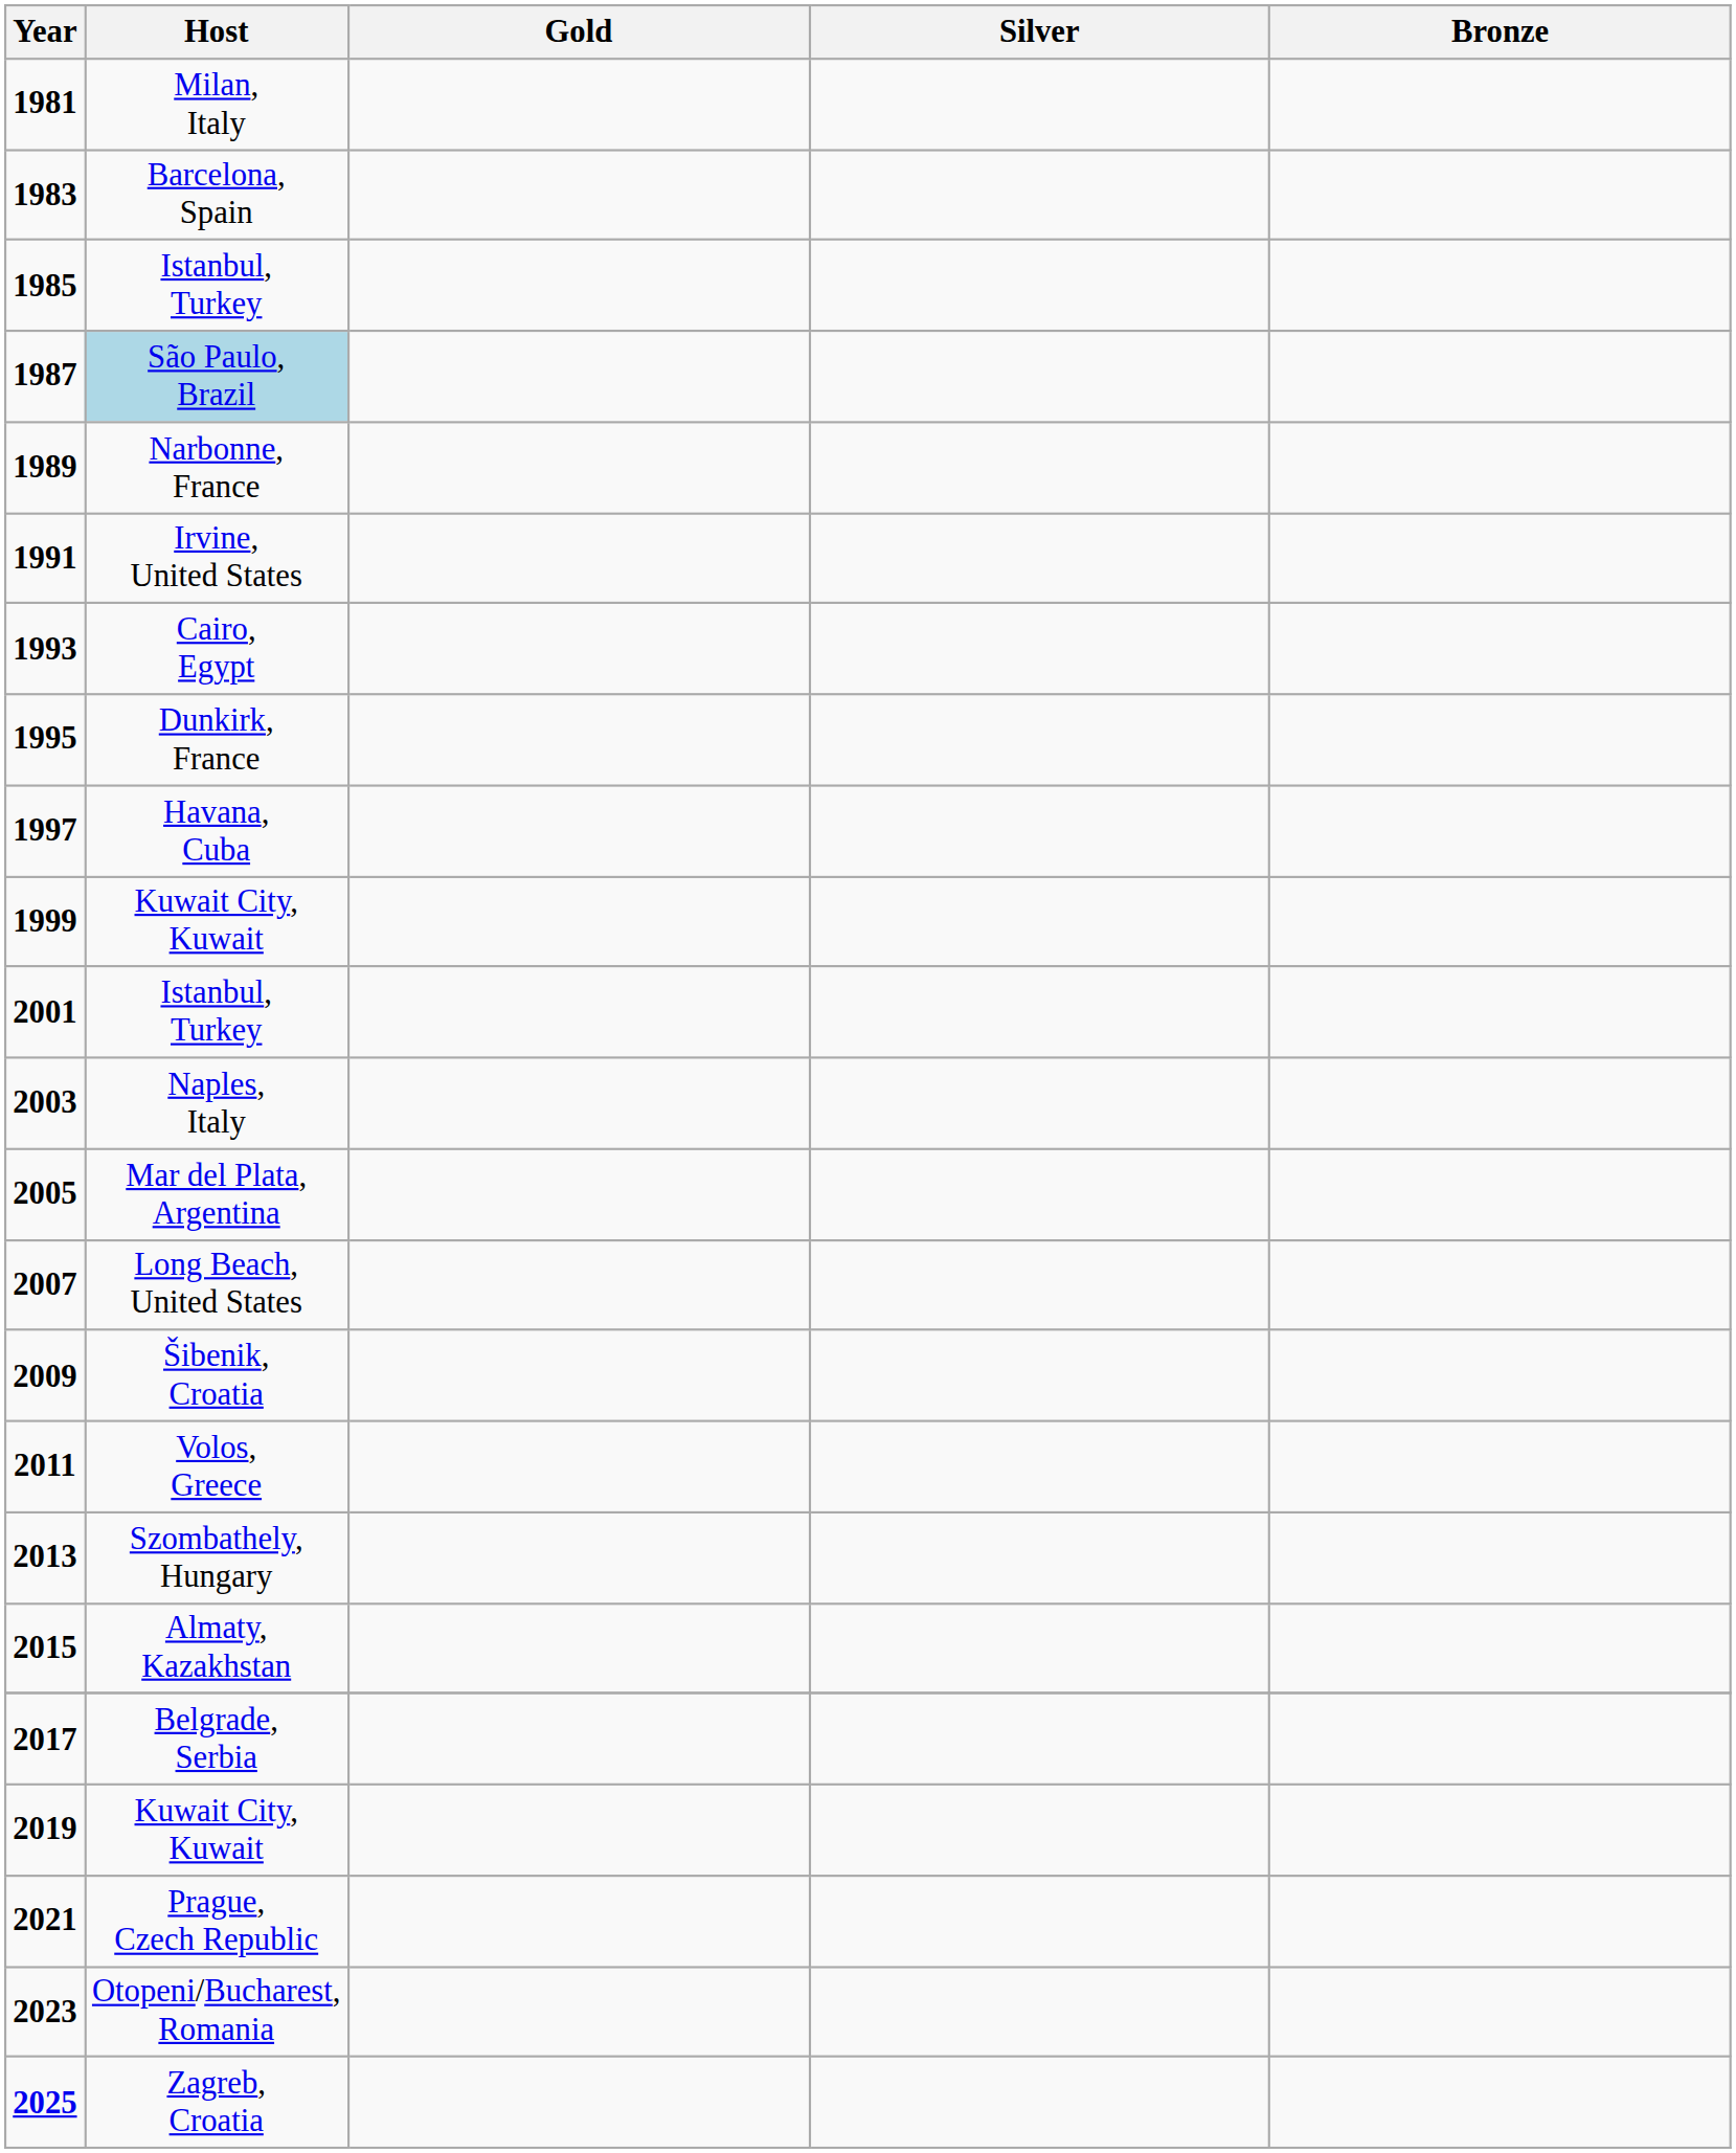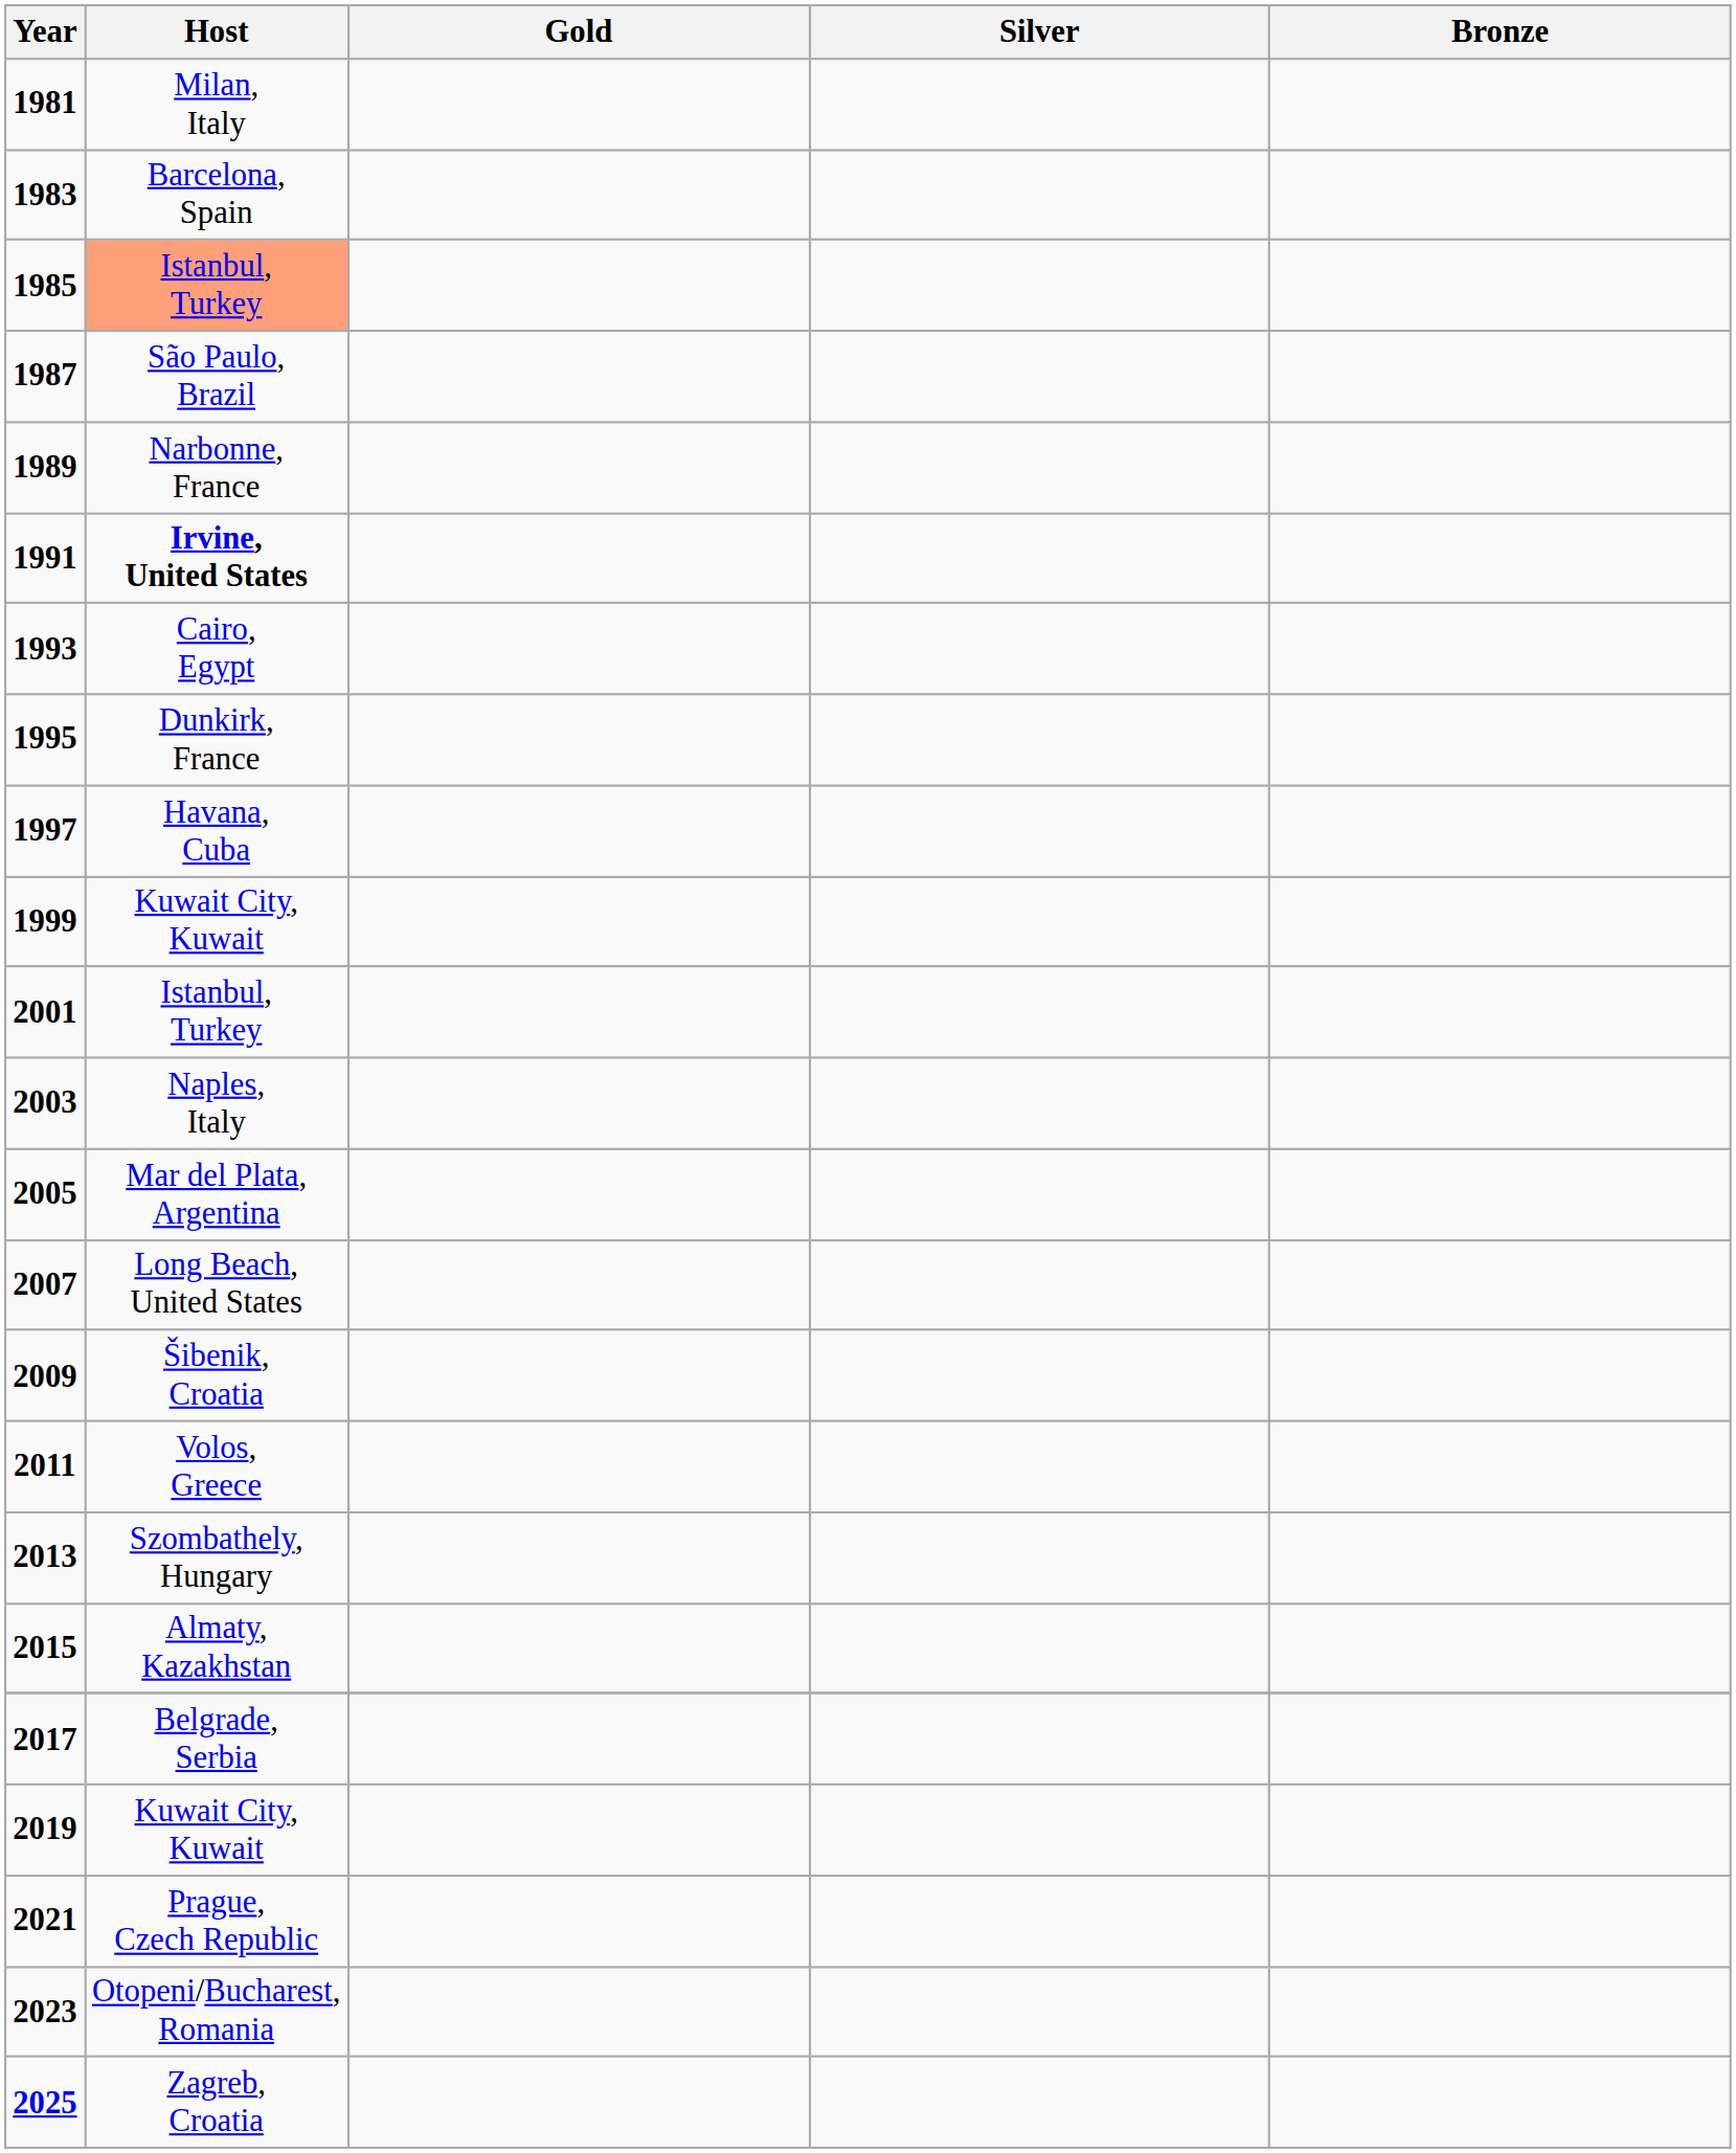 <table class=wikitable style="border:1px solid #AAAAAA;font-size:90%">
 <tr>
 <th width=20>Year</th>
 <th width=100>Host</th>
 <th width=200> Gold</th>
 <th width=200> Silver</th>
 <th width=200> Bronze</th>
 </tr>
 <tr align=center>
 <td><strong>1981</strong></td>
 <td><a href='#'>Milan</a>,<br>Italy</td>
 <td><strong></strong></td>
 <td></td>
 <td></td>
 </tr>
 <tr align=center>
 <td><strong>1983</strong></td>
 <td><a href='#'>Barcelona</a>,<br>Spain</td>
 <td><strong></strong></td>
 <td></td>
 <td></td>
 </tr>
 <tr align=center>
 <td><strong>1985</strong></td>
-<td><a href='#'>Istanbul</a>,<br><a href='#'>Turkey</a></td>
+<td style="background: lightsalmon;"><a href='#'>Istanbul</a>,<br><a href='#'>Turkey</a></td>
 <td><strong></strong></td>
 <td></td>
 <td></td>
 </tr>
 <tr align=center>
 <td><strong>1987</strong></td>
-<td style="background: lightblue;"><a href='#'>São Paulo</a>,<br><a href='#'>Brazil</a></td>
+<td><a href='#'>São Paulo</a>,<br><a href='#'>Brazil</a></td>
 <td><strong></strong></td>
 <td></td>
 <td></td>
 </tr>
 <tr align=center>
 <td><strong>1989</strong></td>
 <td><a href='#'>Narbonne</a>,<br>France</td>
 <td><strong></strong></td>
 <td></td>
 <td></td>
 </tr>
 <tr align=center>
 <td><strong>1991</strong></td>
-<td><a href='#'>Irvine</a>,<br>United States</td>
+<td><strong><a href='#'>Irvine</a>,<br>United States</strong></td>
 <td><strong></strong></td>
 <td></td>
 <td></td>
 </tr>
 <tr align=center>
 <td><strong>1993</strong></td>
 <td><a href='#'>Cairo</a>,<br><a href='#'>Egypt</a></td>
 <td><strong></strong></td>
 <td></td>
 <td></td>
 </tr>
 <tr align=center>
 <td><strong>1995</strong></td>
 <td><a href='#'>Dunkirk</a>,<br>France</td>
 <td><strong></strong></td>
 <td></td>
 <td></td>
 </tr>
 <tr align=center>
 <td><strong>1997</strong></td>
 <td><a href='#'>Havana</a>,<br><a href='#'>Cuba</a></td>
 <td><strong></strong></td>
 <td></td>
 <td></td>
 </tr>
 <tr align=center>
 <td><strong>1999</strong></td>
 <td><a href='#'>Kuwait City</a>,<br><a href='#'>Kuwait</a></td>
 <td><strong></strong></td>
 <td></td>
 <td></td>
 </tr>
 <tr align=center>
 <td><strong>2001</strong></td>
 <td><a href='#'>Istanbul</a>,<br><a href='#'>Turkey</a></td>
 <td><strong></strong></td>
 <td></td>
 <td></td>
 </tr>
 <tr align=center>
 <td><strong>2003</strong></td>
 <td><a href='#'>Naples</a>,<br>Italy</td>
 <td><strong></strong></td>
 <td></td>
 <td></td>
 </tr>
 <tr align=center>
 <td><strong>2005</strong></td>
 <td><a href='#'>Mar del Plata</a>,<br><a href='#'>Argentina</a></td>
 <td><strong></strong></td>
 <td></td>
 <td></td>
 </tr>
 <tr align=center>
 <td><strong>2007</strong></td>
 <td><a href='#'>Long Beach</a>,<br>United States</td>
 <td><strong></strong></td>
 <td></td>
 <td></td>
 </tr>
 <tr align=center>
 <td><strong>2009</strong></td>
 <td><a href='#'>Šibenik</a>,<br><a href='#'>Croatia</a></td>
 <td><strong></strong></td>
 <td></td>
 <td></td>
 </tr>
 <tr align=center>
 <td><strong>2011</strong></td>
 <td><a href='#'>Volos</a>,<br><a href='#'>Greece</a></td>
 <td><strong></strong></td>
 <td></td>
 <td></td>
 </tr>
 <tr align=center>
 <td><strong>2013</strong></td>
 <td><a href='#'>Szombathely</a>,<br>Hungary</td>
 <td><strong></strong></td>
 <td></td>
 <td></td>
 </tr>
 <tr align=center>
 <td><strong>2015</strong></td>
 <td><a href='#'>Almaty</a>,<br><a href='#'>Kazakhstan</a></td>
 <td><strong></strong></td>
 <td></td>
 <td></td>
 </tr>
 <tr align=center>
 </tr>
 <tr align=center>
 <td><strong>2017</strong></td>
 <td><a href='#'>Belgrade</a>,<br><a href='#'>Serbia</a></td>
 <td><strong></strong></td>
 <td></td>
 <td></td>
 </tr>
 <tr align=center>
 <td><strong>2019</strong></td>
 <td><a href='#'>Kuwait City</a>,<br><a href='#'>Kuwait</a></td>
 <td><strong></strong></td>
 <td></td>
 <td></td>
 </tr>
 <tr align=center>
 <td><strong>2021</strong></td>
 <td><a href='#'>Prague</a>,<br><a href='#'>Czech Republic</a></td>
 <td><strong></strong></td>
 <td></td>
 <td></td>
 </tr>
 <tr align=center>
 <td><strong>2023</strong></td>
 <td><a href='#'>Otopeni</a>/<a href='#'>Bucharest</a>,<br><a href='#'>Romania</a></td>
 <td><strong></strong></td>
 <td></td>
 <td></td>
 </tr>
 <tr align=center>
 <td><strong><a href='#'>2025</a></strong></td>
 <td><a href='#'>Zagreb</a>,<br><a href='#'>Croatia</a></td>
 <td></td>
 <td></td>
 <td></td>
 </tr>
 </table>
